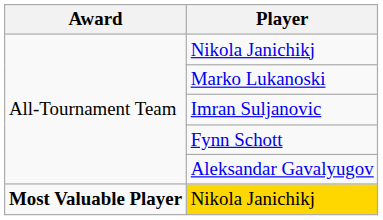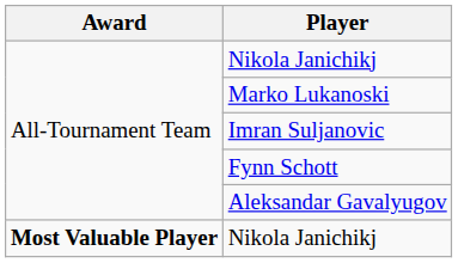 <table class="wikitable">
 <tr>
 <th>Award</th>
 <th>Player</th>
 </tr>
 <tr>
 <td rowspan=5>All-Tournament Team</td>
 <td> <a href='#'>Nikola Janichikj</a></td>
 </tr>
 <tr>
 <td> <a href='#'>Marko Lukanoski</a></td>
 </tr>
 <tr>
 <td> <a href='#'>Imran Suljanovic</a></td>
 </tr>
 <tr>
 <td> <a href='#'>Fynn Schott</a></td>
 </tr>
 <tr>
 <td> <a href='#'>Aleksandar Gavalyugov</a></td>
 </tr>
 <tr>
 <td><strong>Most Valuable Player</strong></td>
-<td style="background: gold;"> Nikola Janichikj</td>
+<td> Nikola Janichikj</td>
 </tr>
 </table>
